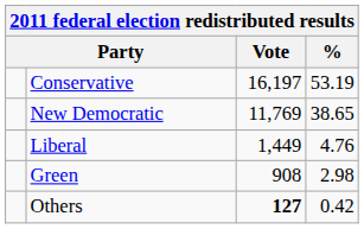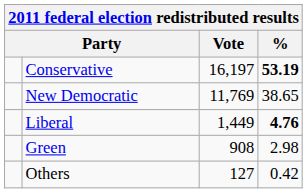 <table class="wikitable">
 <tr>
 <th colspan="4"><a href='#'>2011 federal election</a> redistributed results</th>
 </tr>
 <tr>
 <th bgcolor="#DDDDFF" width="130px" colspan="2">Party</th>
 <th bgcolor="#DDDDFF" width="50px">Vote</th>
 <th bgcolor="#DDDDFF" width="30px">%</th>
 </tr>
 <tr>
 <td> </td>
 <td><a href='#'>Conservative</a></td>
 <td align=right>16,197</td>
-<td align=right>53.19</td>
+<td align=right><strong>53.19</strong></td>
 </tr>
 <tr>
 <td> </td>
 <td><a href='#'>New Democratic</a></td>
 <td align=right>11,769</td>
 <td align=right>38.65</td>
 </tr>
 <tr>
 <td> </td>
 <td><a href='#'>Liberal</a></td>
 <td align=right>1,449</td>
-<td align=right>4.76</td>
+<td align=right><strong>4.76</strong></td>
 </tr>
 <tr>
 <td> </td>
 <td><a href='#'>Green</a></td>
 <td align=right>908</td>
 <td align=right>2.98</td>
 </tr>
 <tr>
 <td> </td>
 <td>Others</td>
-<td align=right><strong>127</strong></td>
+<td align=right>127</td>
 <td align=right>0.42</td>
 </tr>
 </table>
